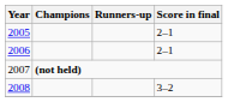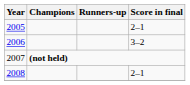 <table class=wikitable style="font-size:95%">
 <tr>
 <th>Year</th>
 <th>Champions</th>
 <th>Runners-up</th>
 <th>Score in final</th>
 </tr>
 <tr>
 <td><a href='#'>2005</a></td>
 <td><strong></strong></td>
 <td></td>
 <td>2–1</td>
 </tr>
 <tr>
 <td><a href='#'>2006</a></td>
 <td><strong></strong></td>
 <td></td>
-<td>2–1</td>
+<td>3–2</td>
 </tr>
 <tr>
 <td>2007</td>
 <td colspan="3"><strong>(not held)</strong></td>
 </tr>
 <tr>
 <td><a href='#'>2008</a></td>
 <td><strong></strong></td>
 <td></td>
-<td>3–2</td>
+<td>2–1</td>
 </tr>
 <tr>
 </tr>
 </table>
